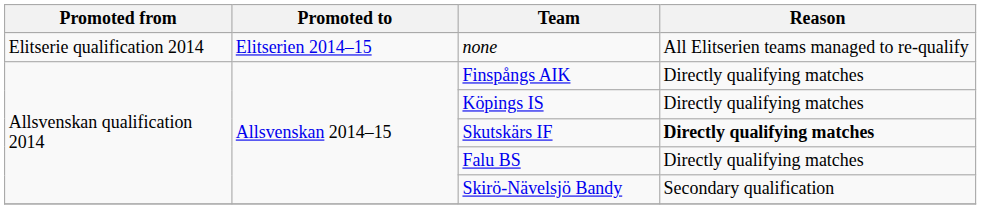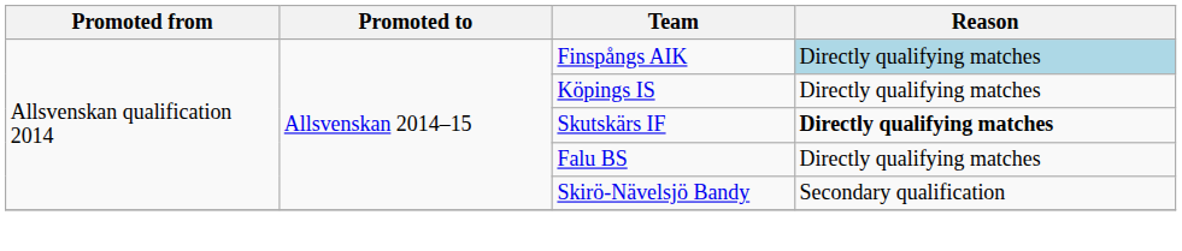 <table class="wikitable" style="text-align: left;">
 <tr>
 <th style="width: 225px;">Promoted from</th>
 <th style="width: 225px;">Promoted to</th>
 <th style="width: 200px;">Team</th>
 <th style="width: 325px;">Reason</th>
 </tr>
 <tr>
-<td>Elitserie qualification 2014</td>
-<td><a href='#'>Elitserien 2014–15</a></td>
-<td><em>none</em></td>
-<td>All Elitserien teams managed to re-qualify</td>
-</tr>
-<tr>
 <td rowspan="5">Allsvenskan qualification 2014</td>
 <td rowspan="5"><a href='#'>Allsvenskan</a> 2014–15</td>
 <td><a href='#'>Finspångs AIK</a></td>
-<td>Directly qualifying matches</td>
+<td style="background: lightblue;">Directly qualifying matches</td>
 </tr>
 <tr>
 <td><a href='#'>Köpings IS</a></td>
 <td>Directly qualifying matches</td>
 </tr>
 <tr>
 <td><a href='#'>Skutskärs IF</a></td>
 <td><strong>Directly qualifying matches</strong></td>
 </tr>
 <tr>
 <td><a href='#'>Falu BS</a></td>
 <td>Directly qualifying matches</td>
 </tr>
 <tr>
 <td><a href='#'>Skirö-Nävelsjö Bandy</a></td>
 <td>Secondary qualification</td>
 </tr>
 <tr>
 </tr>
 </table>
